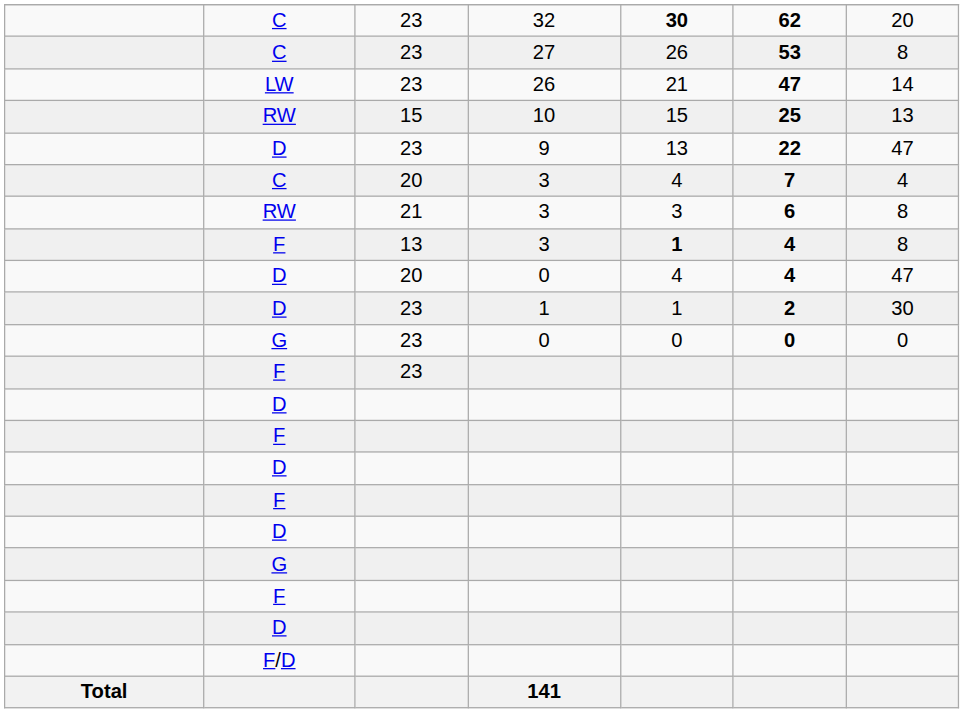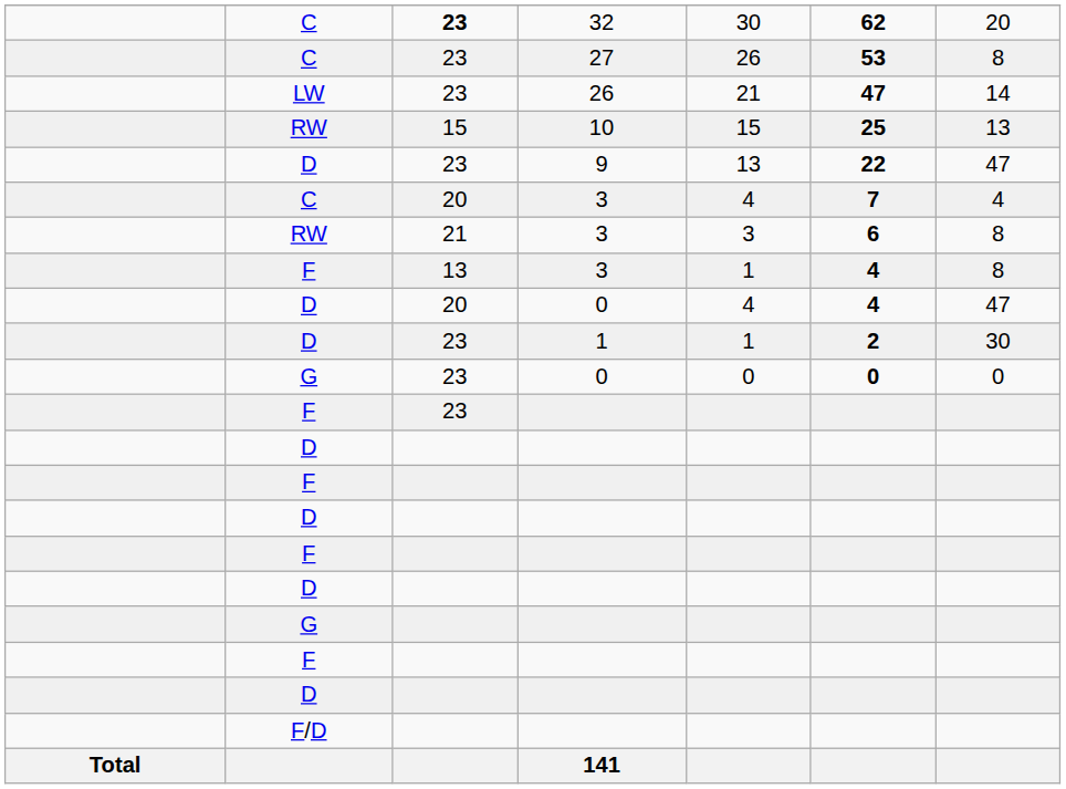 <table class="wikitable sortable" width ="60%">
 <tr align="center">
 </tr>
 <tr align="center" bgcolor="">
 <td></td>
 <td><a href='#'>C</a></td>
-<td>23</td>
+<td><strong>23</strong></td>
 <td>32</td>
-<td><strong>30</strong></td>
+<td>30</td>
 <td><strong>62</strong></td>
 <td>20</td>
 </tr>
 <tr align="center" bgcolor="f0f0f0">
 <td></td>
 <td><a href='#'>C</a></td>
 <td>23</td>
 <td>27</td>
 <td>26</td>
 <td><strong>53</strong></td>
 <td>8</td>
 </tr>
 <tr align="center" bgcolor="">
 <td></td>
 <td><a href='#'>LW</a></td>
 <td>23</td>
 <td>26</td>
 <td>21</td>
 <td><strong>47</strong></td>
 <td>14</td>
 </tr>
 <tr align="center" bgcolor="f0f0f0">
 <td></td>
 <td><a href='#'>RW</a></td>
 <td>15</td>
 <td>10</td>
 <td>15</td>
 <td><strong>25</strong></td>
 <td>13</td>
 </tr>
 <tr align="center" bgcolor="">
 <td></td>
 <td><a href='#'>D</a></td>
 <td>23</td>
 <td>9</td>
 <td>13</td>
 <td><strong>22</strong></td>
 <td>47</td>
 </tr>
 <tr align="center" bgcolor="f0f0f0">
 <td></td>
 <td><a href='#'>C</a></td>
 <td>20</td>
 <td>3</td>
 <td>4</td>
 <td><strong>7</strong></td>
 <td>4</td>
 </tr>
 <tr align="center" bgcolor="">
 <td></td>
 <td><a href='#'>RW</a></td>
 <td>21</td>
 <td>3</td>
 <td>3</td>
 <td><strong>6</strong></td>
 <td>8</td>
 </tr>
 <tr align="center" bgcolor="f0f0f0">
 <td></td>
 <td><a href='#'>F</a></td>
 <td>13</td>
 <td>3</td>
-<td><strong>1</strong></td>
+<td>1</td>
 <td><strong>4</strong></td>
 <td>8</td>
 </tr>
 <tr align="center" bgcolor="">
 <td></td>
 <td><a href='#'>D</a></td>
 <td>20</td>
 <td>0</td>
 <td>4</td>
 <td><strong>4</strong></td>
 <td>47</td>
 </tr>
 <tr align="center" bgcolor="f0f0f0">
 <td></td>
 <td><a href='#'>D</a></td>
 <td>23</td>
 <td>1</td>
 <td>1</td>
 <td><strong>2</strong></td>
 <td>30</td>
 </tr>
 <tr align="center" bgcolor="">
 <td></td>
 <td><a href='#'>G</a></td>
 <td>23</td>
 <td>0</td>
 <td>0</td>
 <td><strong>0</strong></td>
 <td>0</td>
 </tr>
 <tr align="center" bgcolor="f0f0f0">
 <td></td>
 <td><a href='#'>F</a></td>
 <td>23</td>
 <td></td>
 <td></td>
 <td></td>
 <td></td>
 </tr>
 <tr align="center" bgcolor="">
 <td></td>
 <td><a href='#'>D</a></td>
 <td></td>
 <td></td>
 <td></td>
 <td></td>
 <td></td>
 </tr>
 <tr align="center" bgcolor="f0f0f0">
 <td></td>
 <td><a href='#'>F</a></td>
 <td></td>
 <td></td>
 <td></td>
 <td></td>
 <td></td>
 </tr>
 <tr align="center" bgcolor="">
 <td></td>
 <td><a href='#'>D</a></td>
 <td></td>
 <td></td>
 <td></td>
 <td></td>
 <td></td>
 </tr>
 <tr align="center" bgcolor="f0f0f0">
 <td></td>
 <td><a href='#'>F</a></td>
 <td></td>
 <td></td>
 <td></td>
 <td></td>
 <td></td>
 </tr>
 <tr align="center" bgcolor="">
 <td></td>
 <td><a href='#'>D</a></td>
 <td></td>
 <td></td>
 <td></td>
 <td></td>
 <td></td>
 </tr>
 <tr align="center" bgcolor="f0f0f0">
 <td></td>
 <td><a href='#'>G</a></td>
 <td></td>
 <td></td>
 <td></td>
 <td></td>
 <td></td>
 </tr>
 <tr align="center" bgcolor="">
 <td></td>
 <td><a href='#'>F</a></td>
 <td></td>
 <td></td>
 <td></td>
 <td></td>
 <td></td>
 </tr>
 <tr align="center" bgcolor="f0f0f0">
 <td></td>
 <td><a href='#'>D</a></td>
 <td></td>
 <td></td>
 <td></td>
 <td></td>
 <td></td>
 </tr>
 <tr align="center" bgcolor="">
 <td></td>
 <td><a href='#'>F</a>/<a href='#'>D</a></td>
 <td></td>
 <td></td>
 <td></td>
 <td></td>
 <td></td>
 </tr>
 <tr>
 <th>Total</th>
 <th></th>
 <th></th>
 <th>141</th>
 <th></th>
 <th></th>
 <th></th>
 </tr>
 </table>
